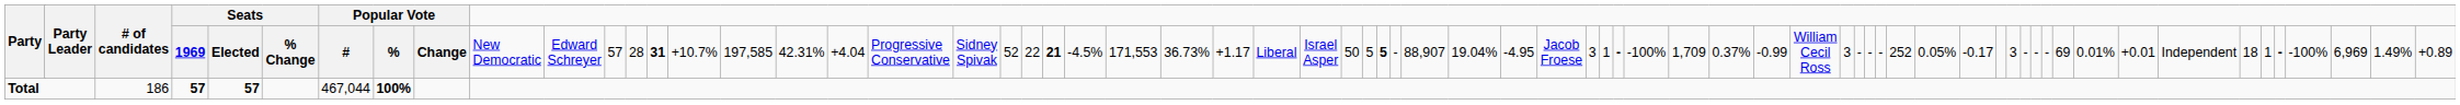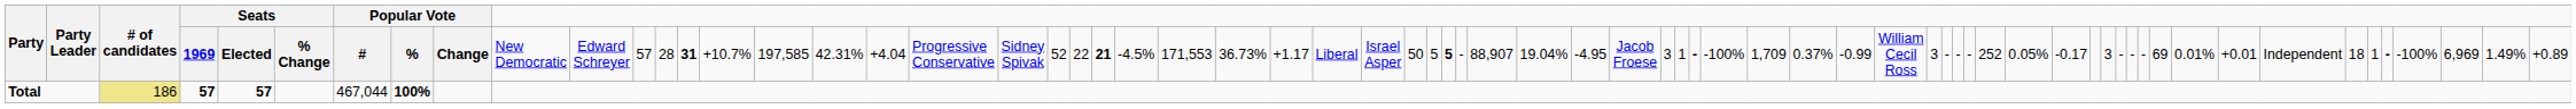 <table class="wikitable">
 <tr>
 <th rowspan=2 colspan=2>Party</th>
 <th rowspan=2>Party Leader</th>
 <th rowspan=2># of<br>candidates</th>
 <th colspan=3>Seats</th>
 <th colspan=3>Popular Vote</th>
 </tr>
 <tr>
 <th><a href='#'>1969</a></th>
 <th>Elected</th>
 <th>% Change</th>
 <th>#</th>
 <th>%</th>
 <th>Change<br></th>
 <td><a href='#'>New Democratic</a></td>
 <td align="center"><a href='#'>Edward Schreyer</a></td>
 <td align="right">57</td>
 <td align="right">28</td>
 <td align="right"><strong>31</strong></td>
 <td align="right">+10.7%</td>
 <td align="right">197,585</td>
 <td align="right">42.31%</td>
 <td align="right">+4.04<br></td>
 <td><a href='#'>Progressive Conservative</a></td>
 <td align="center"><a href='#'>Sidney Spivak</a></td>
 <td align="right">52</td>
 <td align="right">22</td>
 <td align="right"><strong>21</strong></td>
 <td align="right">-4.5%</td>
 <td align="right">171,553</td>
 <td align="right">36.73%</td>
 <td align="right">+1.17<br></td>
 <td><a href='#'>Liberal</a></td>
 <td align="center"><a href='#'>Israel Asper</a></td>
 <td align="right">50</td>
 <td align="right">5</td>
 <td align="right"><strong>5</strong></td>
 <td align="right">-</td>
 <td align="right">88,907</td>
 <td align="right">19.04%</td>
 <td align="right">-4.95<br></td>
 <td align="center"><a href='#'>Jacob Froese</a></td>
 <td align="right">3</td>
 <td align="right">1</td>
 <td align="right"><strong>-</strong></td>
 <td align="right">-100%</td>
 <td align="right">1,709</td>
 <td align="right">0.37%</td>
 <td align="right">-0.99<br></td>
 <td align="center"><a href='#'>William Cecil Ross</a></td>
 <td align="right">3</td>
 <td align="right">-</td>
 <td align="right">-</td>
 <td align="right">-</td>
 <td align="right">252</td>
 <td align="right">0.05%</td>
 <td align="right">-0.17<br></td>
 <td align="center"> </td>
 <td align="right">3</td>
 <td align="right">-</td>
 <td align="right">-</td>
 <td align="right">-</td>
 <td align="right">69</td>
 <td align="right">0.01%</td>
 <td align="right">+0.01<br></td>
 <td colspan=2>Independent</td>
 <td align="right">18</td>
 <td align="right">1</td>
 <td align="right"><strong>-</strong></td>
 <td align="right">-100%</td>
 <td align="right">6,969</td>
 <td align="right">1.49%</td>
 <td align="right">+0.89</td>
 </tr>
 <tr>
 <td colspan=3><strong>Total</strong></td>
-<td align="right">186</td>
+<td align="right" style="background: khaki;">186</td>
 <td align="right"><strong>57</strong></td>
 <td align="right"><strong>57</strong></td>
 <td align="right"><strong> </strong></td>
 <td align="right">467,044</td>
 <td align="right"><strong>100%</strong></td>
 <td align="right"> </td>
 </tr>
 </table>
